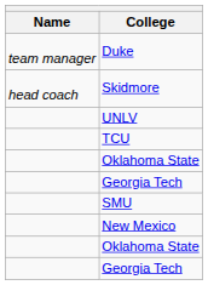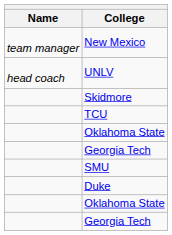 <table class="wikitable sortable">
 <tr>
 <th colspan=2></th>
 </tr>
 <tr>
 <th>Name</th>
 <th>College</th>
 </tr>
 <tr>
 <td><br><em>team manager</em></td>
-<td><a href='#'>Duke</a></td>
+<td><a href='#'>New Mexico</a></td>
 </tr>
 <tr>
 <td><br><em>head coach</em></td>
-<td><a href='#'>Skidmore</a></td>
+<td><a href='#'>UNLV</a></td>
 </tr>
 <tr>
 <td></td>
-<td><a href='#'>UNLV</a></td>
+<td><a href='#'>Skidmore</a></td>
 </tr>
 <tr>
 <td></td>
 <td><a href='#'>TCU</a></td>
 </tr>
 <tr>
 <td></td>
 <td><a href='#'>Oklahoma State</a></td>
 </tr>
 <tr>
 <td></td>
 <td><a href='#'>Georgia Tech</a></td>
 </tr>
 <tr>
 <td></td>
 <td><a href='#'>SMU</a></td>
 </tr>
 <tr>
 <td></td>
-<td><a href='#'>New Mexico</a></td>
+<td><a href='#'>Duke</a></td>
 </tr>
 <tr>
 <td></td>
 <td><a href='#'>Oklahoma State</a></td>
 </tr>
 <tr>
 <td></td>
 <td><a href='#'>Georgia Tech</a></td>
 </tr>
 </table>
